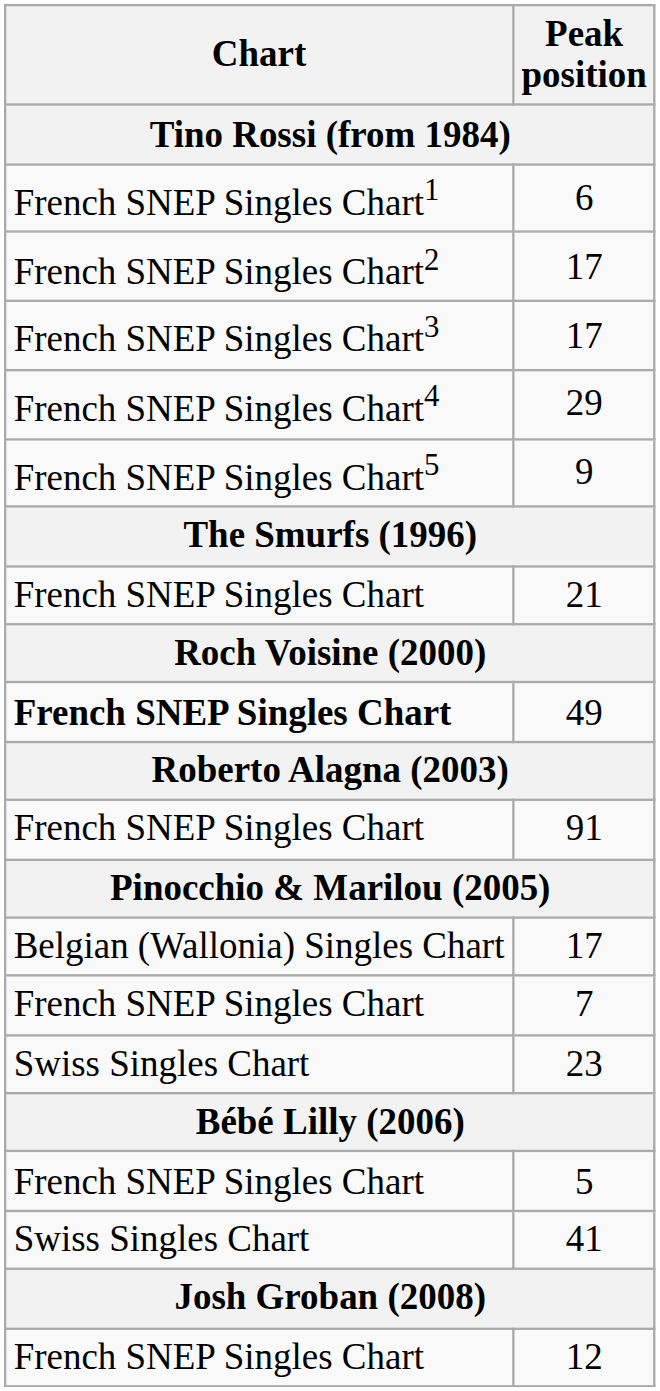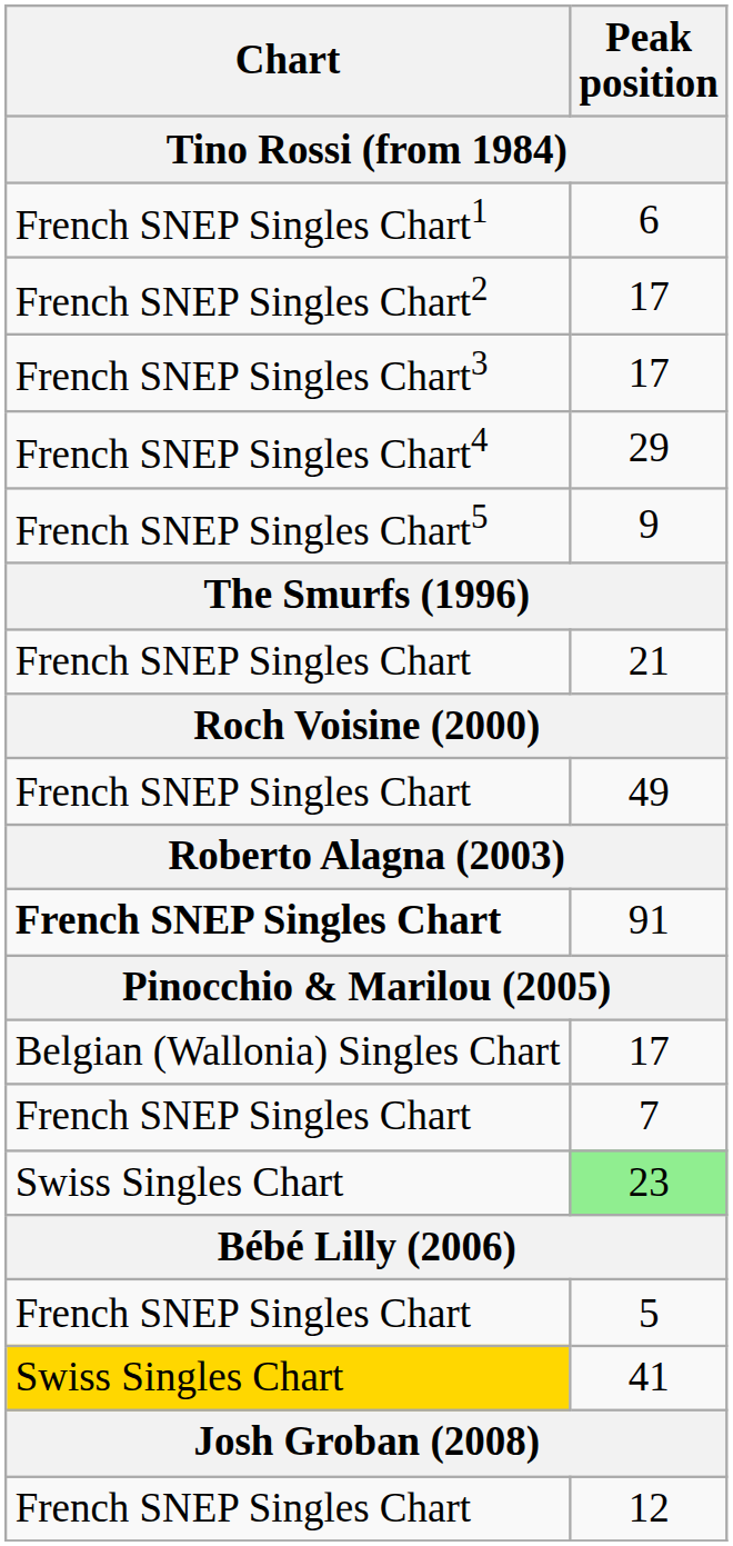 <table class="wikitable">
 <tr>
 <th>Chart</th>
 <th>Peak<br>position</th>
 </tr>
 <tr>
 <th colspan="4">Tino Rossi (from 1984)</th>
 </tr>
 <tr>
 <td>French SNEP Singles Chart<sup>1</sup></td>
 <td align="center">6</td>
 </tr>
 <tr>
 <td>French SNEP Singles Chart<sup>2</sup></td>
 <td align="center">17</td>
 </tr>
 <tr>
 <td>French SNEP Singles Chart<sup>3</sup></td>
 <td align="center">17</td>
 </tr>
 <tr>
 <td>French SNEP Singles Chart<sup>4</sup></td>
 <td align="center">29</td>
 </tr>
 <tr>
 <td>French SNEP Singles Chart<sup>5</sup></td>
 <td align="center">9</td>
 </tr>
 <tr>
 <th colspan="4">The Smurfs (1996)</th>
 </tr>
 <tr>
 <td>French SNEP Singles Chart</td>
 <td align="center">21</td>
 </tr>
 <tr>
 <th colspan="4">Roch Voisine (2000)</th>
 </tr>
 <tr>
-<td><strong>French SNEP Singles Chart</strong></td>
+<td>French SNEP Singles Chart</td>
 <td align="center">49</td>
 </tr>
 <tr>
 <th colspan="4">Roberto Alagna (2003)</th>
 </tr>
 <tr>
-<td>French SNEP Singles Chart</td>
+<td><strong>French SNEP Singles Chart</strong></td>
 <td align="center">91</td>
 </tr>
 <tr>
 <th colspan="4">Pinocchio & Marilou (2005)</th>
 </tr>
 <tr>
 <td>Belgian (Wallonia) Singles Chart</td>
 <td align="center">17</td>
 </tr>
 <tr>
 <td>French SNEP Singles Chart</td>
 <td align="center">7</td>
 </tr>
 <tr>
 <td>Swiss Singles Chart</td>
-<td align="center">23</td>
+<td align="center" style="background: lightgreen;">23</td>
 </tr>
 <tr>
 <th colspan="4">Bébé Lilly (2006)</th>
 </tr>
 <tr>
 <td>French SNEP Singles Chart</td>
 <td align="center">5</td>
 </tr>
 <tr>
-<td>Swiss Singles Chart</td>
+<td style="background: gold;">Swiss Singles Chart</td>
 <td align="center">41</td>
 </tr>
 <tr>
 <th colspan="4">Josh Groban (2008)</th>
 </tr>
 <tr>
 <td>French SNEP Singles Chart</td>
 <td align="center">12</td>
 </tr>
 <tr>
 </tr>
 </table>
